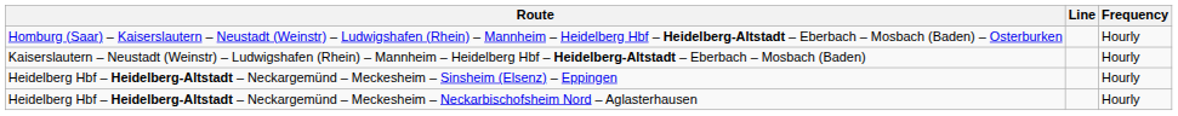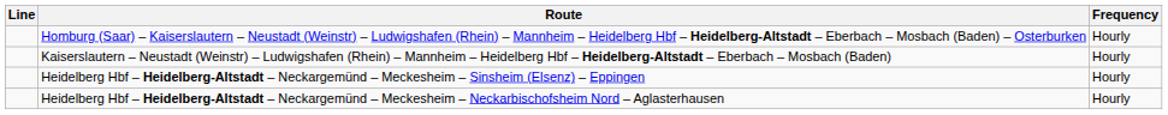 <table class="wikitable">
 <tr>
+<th>Line</th>
 <th>Route</th>
-<th>Line</th>
 <th>Frequency</th>
 </tr>
 <tr>
+<td></td>
 <td><a href='#'>Homburg (Saar)</a> – <a href='#'>Kaiserslautern</a> – <a href='#'>Neustadt (Weinstr)</a> – <a href='#'>Ludwigshafen (Rhein)</a> – <a href='#'>Mannheim</a> – <a href='#'>Heidelberg Hbf</a> – <strong>Heidelberg-Altstadt</strong> – Eberbach – Mosbach (Baden) – <a href='#'>Osterburken</a></td>
-<td></td>
 <td>Hourly</td>
 </tr>
 <tr>
+<td></td>
 <td>Kaiserslautern – Neustadt (Weinstr) – Ludwigshafen (Rhein) – Mannheim – Heidelberg Hbf – <strong>Heidelberg-Altstadt</strong> – Eberbach – Mosbach (Baden)</td>
-<td></td>
 <td>Hourly</td>
 </tr>
 <tr>
+<td></td>
 <td>Heidelberg Hbf – <strong>Heidelberg-Altstadt</strong> – Neckargemünd – Meckesheim – <a href='#'>Sinsheim (Elsenz)</a> – <a href='#'>Eppingen</a></td>
-<td></td>
 <td>Hourly</td>
 </tr>
 <tr>
+<td></td>
 <td>Heidelberg Hbf – <strong>Heidelberg-Altstadt</strong> – Neckargemünd – Meckesheim – <a href='#'>Neckarbischofsheim Nord</a> – Aglasterhausen</td>
-<td></td>
 <td>Hourly</td>
 </tr>
 </table>
